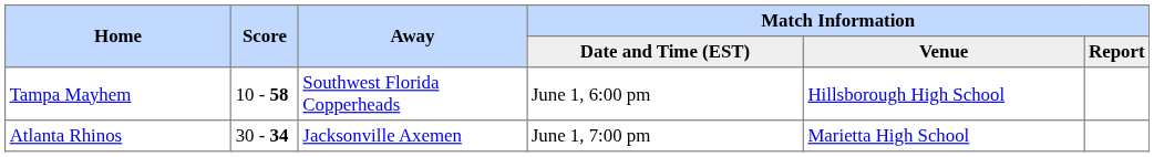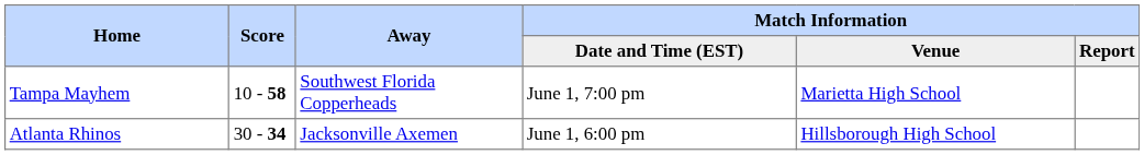 <table border="1" cellpadding="3" cellspacing="0" style="border-collapse:collapse; font-size:90%; width:100%">
 <tr style="background:#c1d8ff;">
 <th rowspan="2" style="width:21%;">Home</th>
 <th rowspan="2" style="width:6%;">Score</th>
 <th rowspan="2" style="width:21%;">Away</th>
 <th colspan="6">Match Information</th>
 </tr>
 <tr style="background:#efefef;">
 <th width="26%">Date and Time (EST)</th>
 <th width="26%">Venue</th>
 <td><strong>Report</strong></td>
 </tr>
 <tr>
 <td><strong></strong> <a href='#'>Tampa Mayhem</a></td>
 <td>10 - <strong>58</strong></td>
 <td> <a href='#'>Southwest Florida Copperheads</a></td>
-<td>June 1, 6:00 pm</td>
-<td><a href='#'>Hillsborough High School</a></td>
+<td>June 1, 7:00 pm</td>
+<td><a href='#'>Marietta High School</a></td>
 <td></td>
 </tr>
 <tr>
 <td> <a href='#'>Atlanta Rhinos</a></td>
 <td>30 - <strong>34</strong></td>
 <td> <a href='#'>Jacksonville Axemen</a></td>
-<td>June 1, 7:00 pm</td>
-<td><a href='#'>Marietta High School</a></td>
+<td>June 1, 6:00 pm</td>
+<td><a href='#'>Hillsborough High School</a></td>
 <td></td>
 </tr>
 </table>
